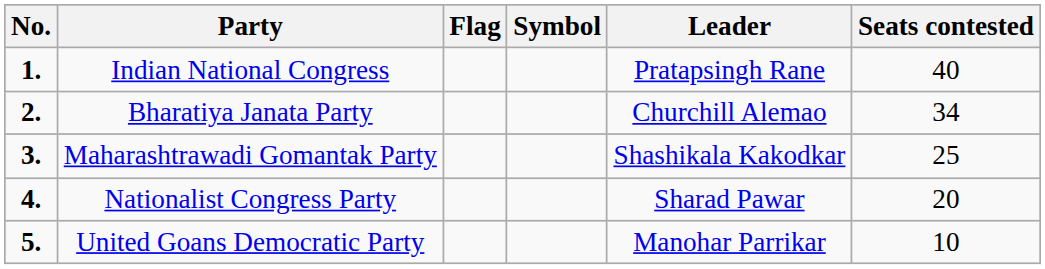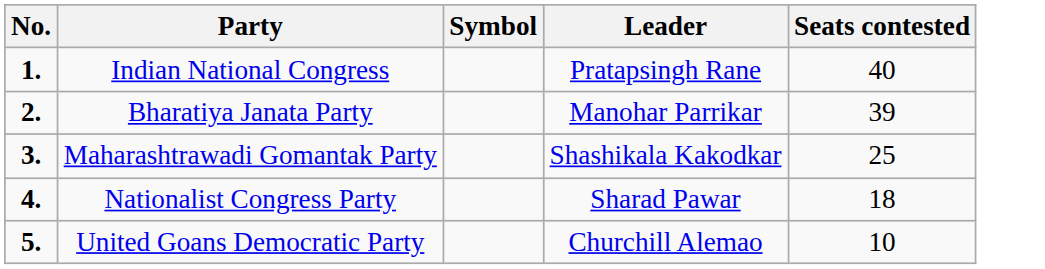 <table class="wikitable">
 <tr>
 <th>No.</th>
 <th>Party</th>
-<th>Flag</th>
 <th>Symbol</th>
 <th>Leader</th>
 <th>Seats contested</th>
 </tr>
 <tr>
 <td ! style="text-align:center; background:"><strong>1.</strong></td>
 <td style="text-align:center"><a href='#'>Indian National Congress</a></td>
 <td></td>
-<td></td>
 <td style="text-align:center"><a href='#'>Pratapsingh Rane</a></td>
 <td style="text-align:center">40</td>
 </tr>
 <tr>
 <td ! style="text-align:center; background:"><strong>2.</strong></td>
 <td style="text-align:center"><a href='#'>Bharatiya Janata Party</a></td>
 <td></td>
-<td></td>
-<td style="text-align:center"><a href='#'>Churchill Alemao</a></td>
-<td style="text-align:center">34</td>
+<td style="text-align:center"><a href='#'>Manohar Parrikar</a></td>
+<td style="text-align:center">39</td>
 </tr>
 <tr>
 <td ! style="text-align:center; background:"><strong>3.</strong></td>
 <td style="text-align:center"><a href='#'>Maharashtrawadi Gomantak Party</a></td>
-<td></td>
 <td></td>
 <td style="text-align:center"><a href='#'>Shashikala Kakodkar</a></td>
 <td style="text-align:center">25</td>
 </tr>
 <tr>
 <td ! style="text-align:center; background:"><strong>4.</strong></td>
 <td style="text-align:center"><a href='#'>Nationalist Congress Party</a></td>
 <td></td>
-<td></td>
 <td style="text-align:center"><a href='#'>Sharad Pawar</a></td>
-<td style="text-align:center">20</td>
+<td style="text-align:center">18</td>
 </tr>
 <tr>
 <td ! style="text-align:center; background:"><strong>5.</strong></td>
 <td style="text-align:center"><a href='#'>United Goans Democratic Party</a></td>
 <td></td>
-<td></td>
-<td style="text-align:center"><a href='#'>Manohar Parrikar</a></td>
+<td style="text-align:center"><a href='#'>Churchill Alemao</a></td>
 <td style="text-align:center">10</td>
 </tr>
 </table>
